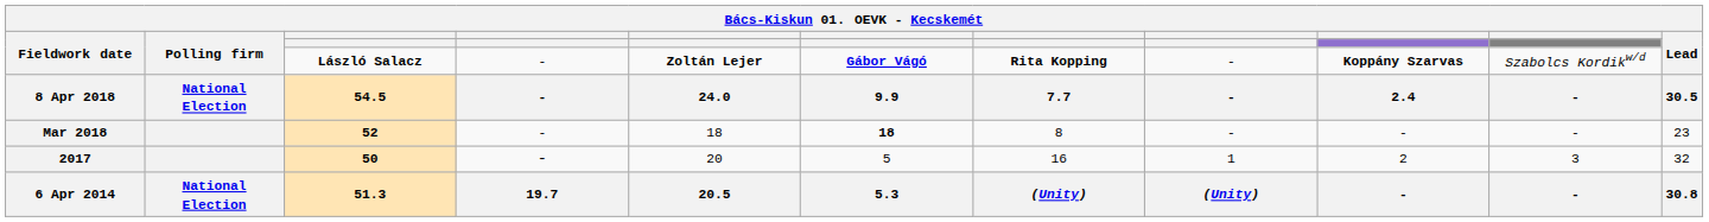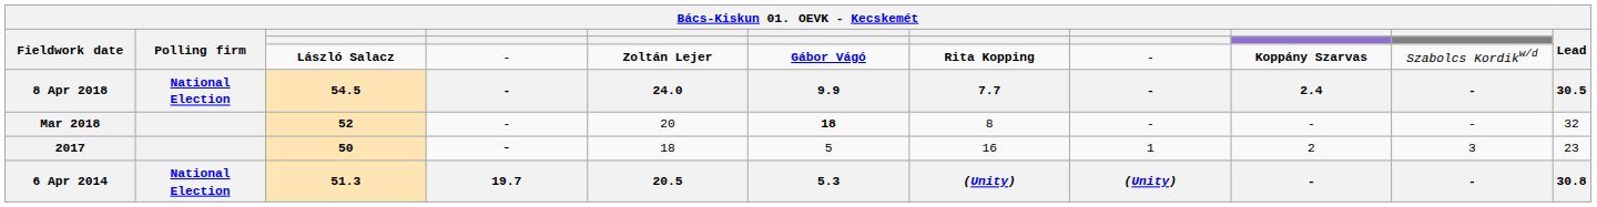 <table class="wikitable mw-collapsible mw-collapsed" style="text-align:center">
 <tr>
 <th colspan="11" style="width: 980pt;"><small><a href='#'>Bács-Kiskun</a> 01.</small> <small>OEVK - <a href='#'>Kecskemét</a></small></th>
 </tr>
 <tr>
 <th rowspan="3" style="width: 80pt;"><small>Fieldwork</small> <small>date</small></th>
 <th rowspan="3" style="width: 80pt;"><strong><small>Polling</small> <small>firm</small></strong></th>
 <th style="width: 100pt;"><small></small></th>
 <th style="width: 100pt;"><small> </small></th>
 <th style="width: 100pt;"></th>
 <th style="width: 100pt;"></th>
 <th style="width: 100pt;"></th>
 <th style="width: 100pt;"></th>
 <th style="width: 100pt;"></th>
 <th style="width: 100pt;"></th>
 <th rowspan="3" style="width: 20pt;"><small>Lead</small></th>
 </tr>
 <tr>
 <th style="color:inherit;background:"></th>
 <th style="color:inherit;background:"></th>
 <th style="color:inherit;background:"></th>
 <th style="color:inherit;background:"></th>
 <th style="color:inherit;background:"></th>
 <th style="color:inherit;background:"></th>
 <th style="color:inherit;background:#8E6FCE;"></th>
 <th style="color:inherit;background:#808080;"></th>
 </tr>
 <tr>
 <td><strong><small>László Salacz</small></strong></td>
 <td><small>-</small></td>
 <td><strong><small>Zoltán Lejer</small></strong></td>
 <td><strong><small><a href='#'>Gábor Vágó</a></small></strong></td>
 <td><strong><small>Rita Kopping</small></strong></td>
 <td><small>-</small></td>
 <td><strong><small>Koppány Szarvas</small></strong></td>
 <td><em><small>Szabolcs Kordik<sup>w/d</sup></small></em></td>
 </tr>
 <tr>
 <th><small>8 Apr 2018</small></th>
 <th><a href='#'><small>National Election</small></a></th>
 <th style="background:#FFE5B4"><small>54.5</small></th>
 <th><small>-</small></th>
 <th><small>24.0</small></th>
 <th><small>9.9</small></th>
 <th><small>7.7</small></th>
 <th><small>-</small></th>
 <th><small>2.4</small></th>
 <th><small>-</small></th>
 <th style="background:"><small>30.5</small></th>
 </tr>
 <tr>
 <th><small>Mar 2018</small></th>
 <th><small></small></th>
 <td style="background:#FFE5B4"><strong><small>52</small></strong></td>
 <td><small>-</small></td>
-<td><small>18</small></td>
+<td><small>20</small></td>
 <td><strong><small>18</small></strong></td>
 <td><small>8</small></td>
 <td><small>-</small></td>
 <td><small>-</small></td>
 <td><small>-</small></td>
-<td style="background:"><small>23</small></td>
+<td style="background:"><small>32</small></td>
 </tr>
 <tr>
 <th><small>2017</small></th>
 <th><small></small></th>
 <td style="background:#FFE5B4"><strong><small>50</small></strong></td>
 <td>-</td>
-<td><small>20</small></td>
+<td><small>18</small></td>
 <td><small>5</small></td>
 <td><small>16</small></td>
 <td><small>1</small></td>
 <td><small>2</small></td>
 <td><small>3</small></td>
-<td style="background:"><small>32</small></td>
+<td style="background:"><small>23</small></td>
 </tr>
 <tr>
 <th><small>6 Apr 2014</small></th>
 <th><a href='#'><small>National Election</small></a></th>
 <th style="background:#FFE5B4"><strong><small>51.3</small></strong></th>
 <th><small>19.7</small></th>
 <th><small>20.5</small></th>
 <th><small>5.3</small></th>
 <th><small><em>(<a href='#'>Unity</a>)</em></small></th>
 <th><small><em>(<a href='#'>Unity</a>)</em></small></th>
 <th><small>-</small></th>
 <th><small>-</small></th>
 <th style="background:"><small>30.8</small></th>
 </tr>
 </table>
